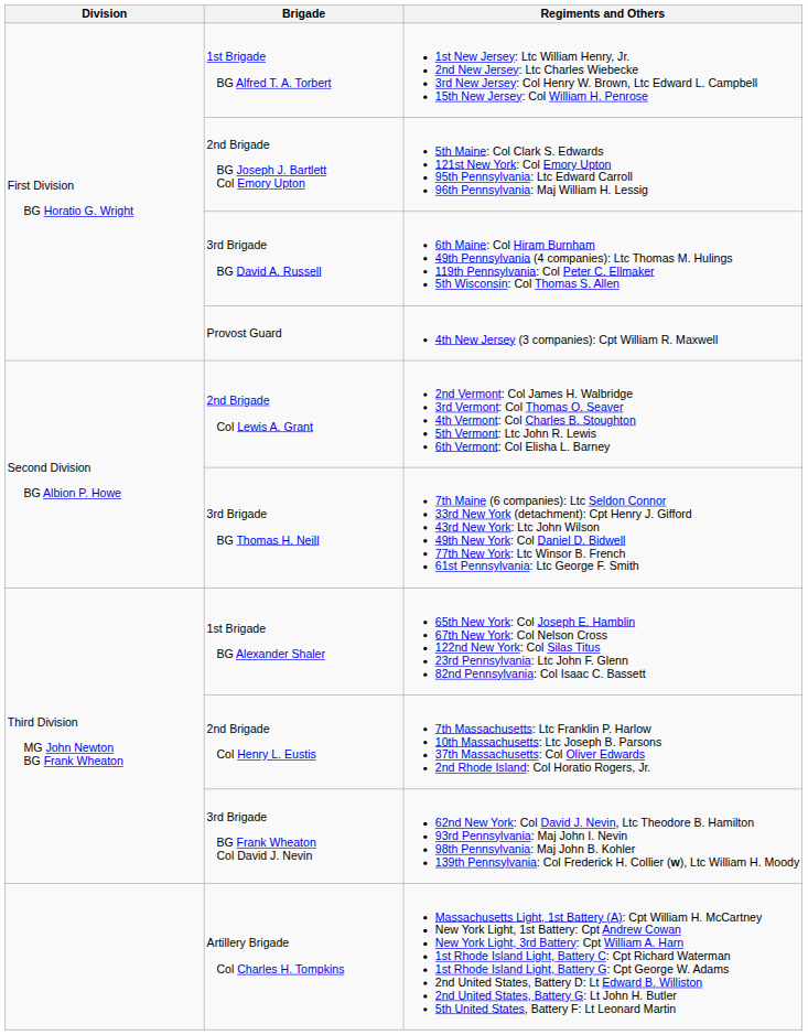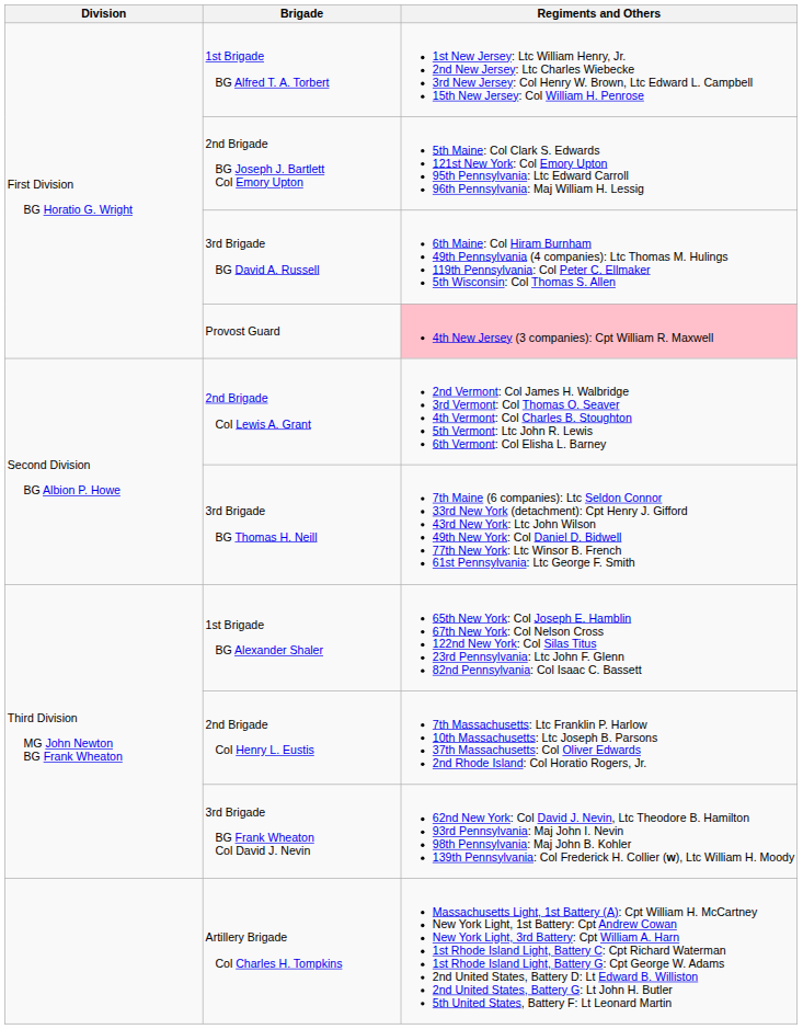 <table class="wikitable">
 <tr>
 <th style="width:25%;">Division</th>
 <th style="width:25%;">Brigade</th>
 <th>Regiments and Others</th>
 </tr>
 <tr>
 <td rowspan=4><br>First Division <br> <br>     BG <a href='#'>Horatio G. Wright</a></td>
 <td><a href='#'>1st Brigade</a><br><br>   BG <a href='#'>Alfred T. A. Torbert</a></td>
 <td><br><ul><li><a href='#'>1st New Jersey</a>: Ltc William Henry, Jr.</li><li><a href='#'>2nd New Jersey</a>: Ltc Charles Wiebecke</li><li><a href='#'>3rd New Jersey</a>: Col Henry W. Brown, Ltc Edward L. Campbell</li><li><a href='#'>15th New Jersey</a>: Col <a href='#'>William H. Penrose</a></li></ul></td>
 </tr>
 <tr>
 <td>2nd Brigade<br><br>   BG <a href='#'>Joseph J. Bartlett</a> <br>   Col <a href='#'>Emory Upton</a></td>
 <td><br><ul><li><a href='#'>5th Maine</a>: Col Clark S. Edwards</li><li><a href='#'>121st New York</a>: Col <a href='#'>Emory Upton</a></li><li><a href='#'>95th Pennsylvania</a>: Ltc Edward Carroll</li><li><a href='#'>96th Pennsylvania</a>: Maj William H. Lessig</li></ul></td>
 </tr>
 <tr>
 <td>3rd Brigade<br><br>   BG <a href='#'>David A. Russell</a></td>
 <td><br><ul><li><a href='#'>6th Maine</a>: Col <a href='#'>Hiram Burnham</a></li><li><a href='#'>49th Pennsylvania</a> (4 companies): Ltc Thomas M. Hulings</li><li><a href='#'>119th Pennsylvania</a>: Col <a href='#'>Peter C. Ellmaker</a></li><li><a href='#'>5th Wisconsin</a>: Col <a href='#'>Thomas S. Allen</a></li></ul></td>
 </tr>
 <tr>
 <td>Provost Guard</td>
-<td><br><ul><li><a href='#'>4th New Jersey</a> (3 companies): Cpt William R. Maxwell</li></ul></td>
+<td style="background: pink;"><br><ul><li><a href='#'>4th New Jersey</a> (3 companies): Cpt William R. Maxwell</li></ul></td>
 </tr>
 <tr>
 <td rowspan=2><br>Second Division  <br> <br>     BG <a href='#'>Albion P. Howe</a></td>
 <td><a href='#'>2nd Brigade</a><br><br>   Col <a href='#'>Lewis A. Grant</a></td>
 <td><br><ul><li><a href='#'>2nd Vermont</a>: Col James H. Walbridge</li><li><a href='#'>3rd Vermont</a>: Col <a href='#'>Thomas O. Seaver</a></li><li><a href='#'>4th Vermont</a>: Col <a href='#'>Charles B. Stoughton</a></li><li><a href='#'>5th Vermont</a>: Ltc John R. Lewis</li><li><a href='#'>6th Vermont</a>: Col Elisha L. Barney</li></ul></td>
 </tr>
 <tr>
 <td>3rd Brigade<br><br>   BG <a href='#'>Thomas H. Neill</a></td>
 <td><br><ul><li><a href='#'>7th Maine</a> (6 companies): Ltc <a href='#'>Seldon Connor</a></li><li><a href='#'>33rd New York</a> (detachment): Cpt Henry J. Gifford</li><li><a href='#'>43rd New York</a>: Ltc John Wilson</li><li><a href='#'>49th New York</a>: Col <a href='#'>Daniel D. Bidwell</a></li><li><a href='#'>77th New York</a>: Ltc Winsor B. French</li><li><a href='#'>61st Pennsylvania</a>: Ltc George F. Smith</li></ul></td>
 </tr>
 <tr>
 <td rowspan=3><br>Third Division <br> <br>     MG <a href='#'>John Newton</a> <br>     BG <a href='#'>Frank Wheaton</a></td>
 <td>1st Brigade<br><br>   BG <a href='#'>Alexander Shaler</a></td>
 <td><br><ul><li><a href='#'>65th New York</a>: Col <a href='#'>Joseph E. Hamblin</a></li><li><a href='#'>67th New York</a>: Col Nelson Cross</li><li><a href='#'>122nd New York</a>: Col <a href='#'>Silas Titus</a></li><li><a href='#'>23rd Pennsylvania</a>: Ltc John F. Glenn</li><li><a href='#'>82nd Pennsylvania</a>: Col Isaac C. Bassett</li></ul></td>
 </tr>
 <tr>
 <td>2nd Brigade<br><br>   Col <a href='#'>Henry L. Eustis</a></td>
 <td><br><ul><li><a href='#'>7th Massachusetts</a>: Ltc Franklin P. Harlow</li><li><a href='#'>10th Massachusetts</a>: Ltc Joseph B. Parsons</li><li><a href='#'>37th Massachusetts</a>: Col <a href='#'>Oliver Edwards</a></li><li><a href='#'>2nd Rhode Island</a>: Col Horatio Rogers, Jr.</li></ul></td>
 </tr>
 <tr>
 <td>3rd Brigade <br><br>   BG <a href='#'>Frank Wheaton</a> <br>   Col David J. Nevin</td>
 <td><br><ul><li><a href='#'>62nd New York</a>: Col <a href='#'>David J. Nevin</a>, Ltc Theodore B. Hamilton</li><li><a href='#'>93rd Pennsylvania</a>: Maj John I. Nevin</li><li><a href='#'>98th Pennsylvania</a>: Maj John B. Kohler</li><li><a href='#'>139th Pennsylvania</a>: Col Frederick H. Collier (<strong>w</strong>), Ltc William H. Moody</li></ul></td>
 </tr>
 <tr>
 <td></td>
 <td>Artillery Brigade<br><br>   Col <a href='#'>Charles H. Tompkins</a></td>
 <td><br><ul><li><a href='#'>Massachusetts Light, 1st Battery (A)</a>: Cpt William H. McCartney</li><li>New York Light, 1st Battery: Cpt <a href='#'>Andrew Cowan</a></li><li><a href='#'>New York Light, 3rd Battery</a>: Cpt <a href='#'>William A. Harn</a></li><li><a href='#'>1st Rhode Island Light, Battery C</a>: Cpt Richard Waterman</li><li><a href='#'>1st Rhode Island Light, Battery G</a>: Cpt George W. Adams</li><li>2nd United States, Battery D: Lt <a href='#'>Edward B. Williston</a></li><li><a href='#'>2nd United States, Battery G</a>: Lt John H. Butler</li><li><a href='#'>5th United States</a>, Battery F: Lt Leonard Martin</li></ul></td>
 </tr>
 </table>
